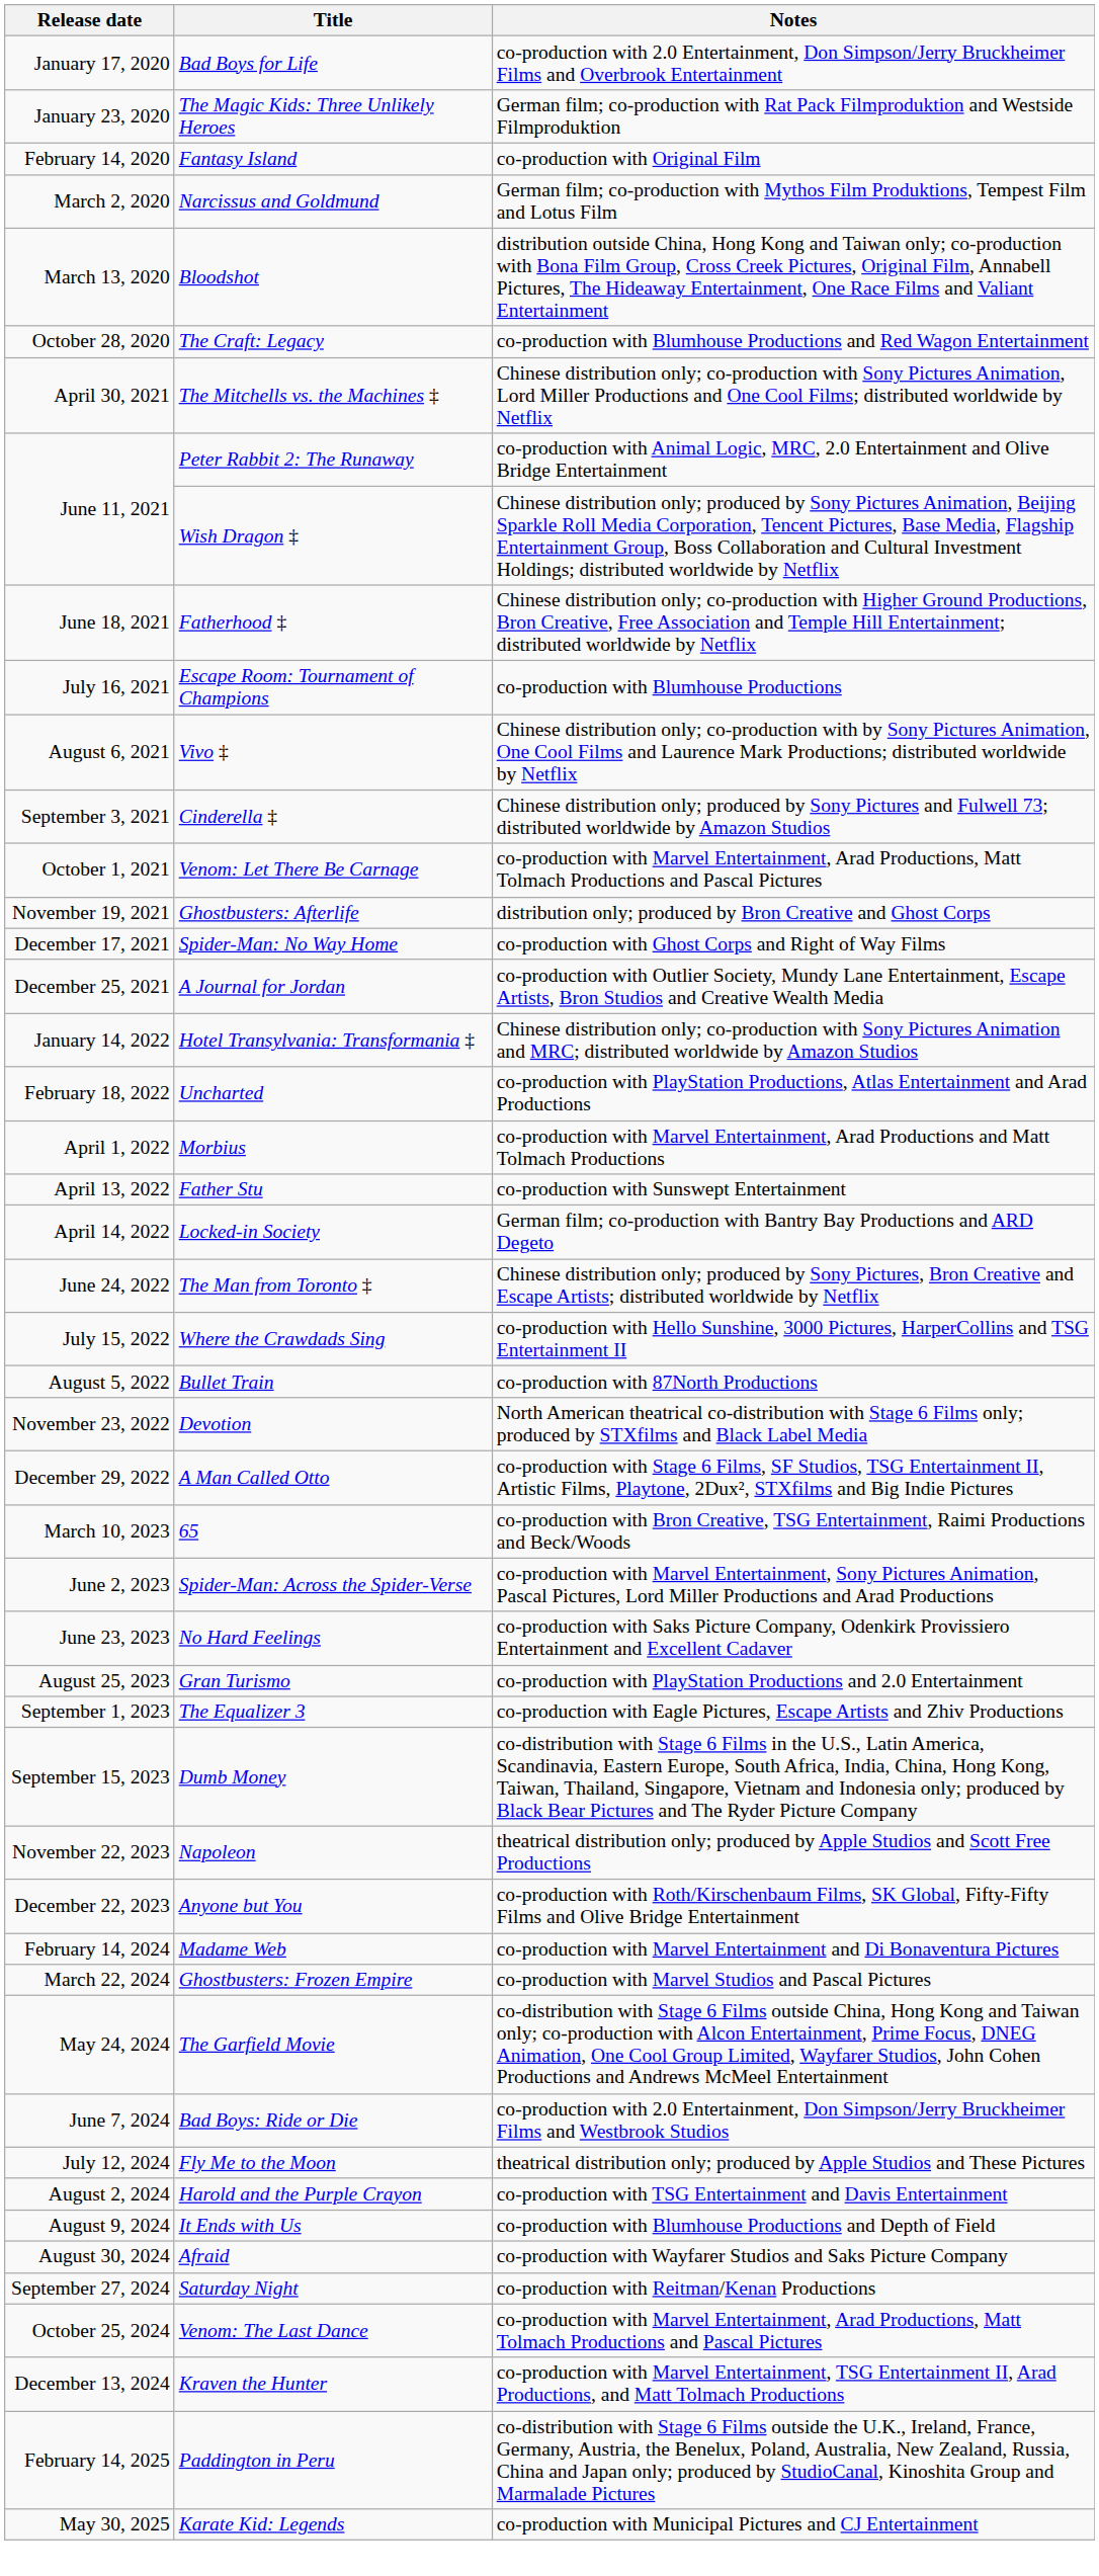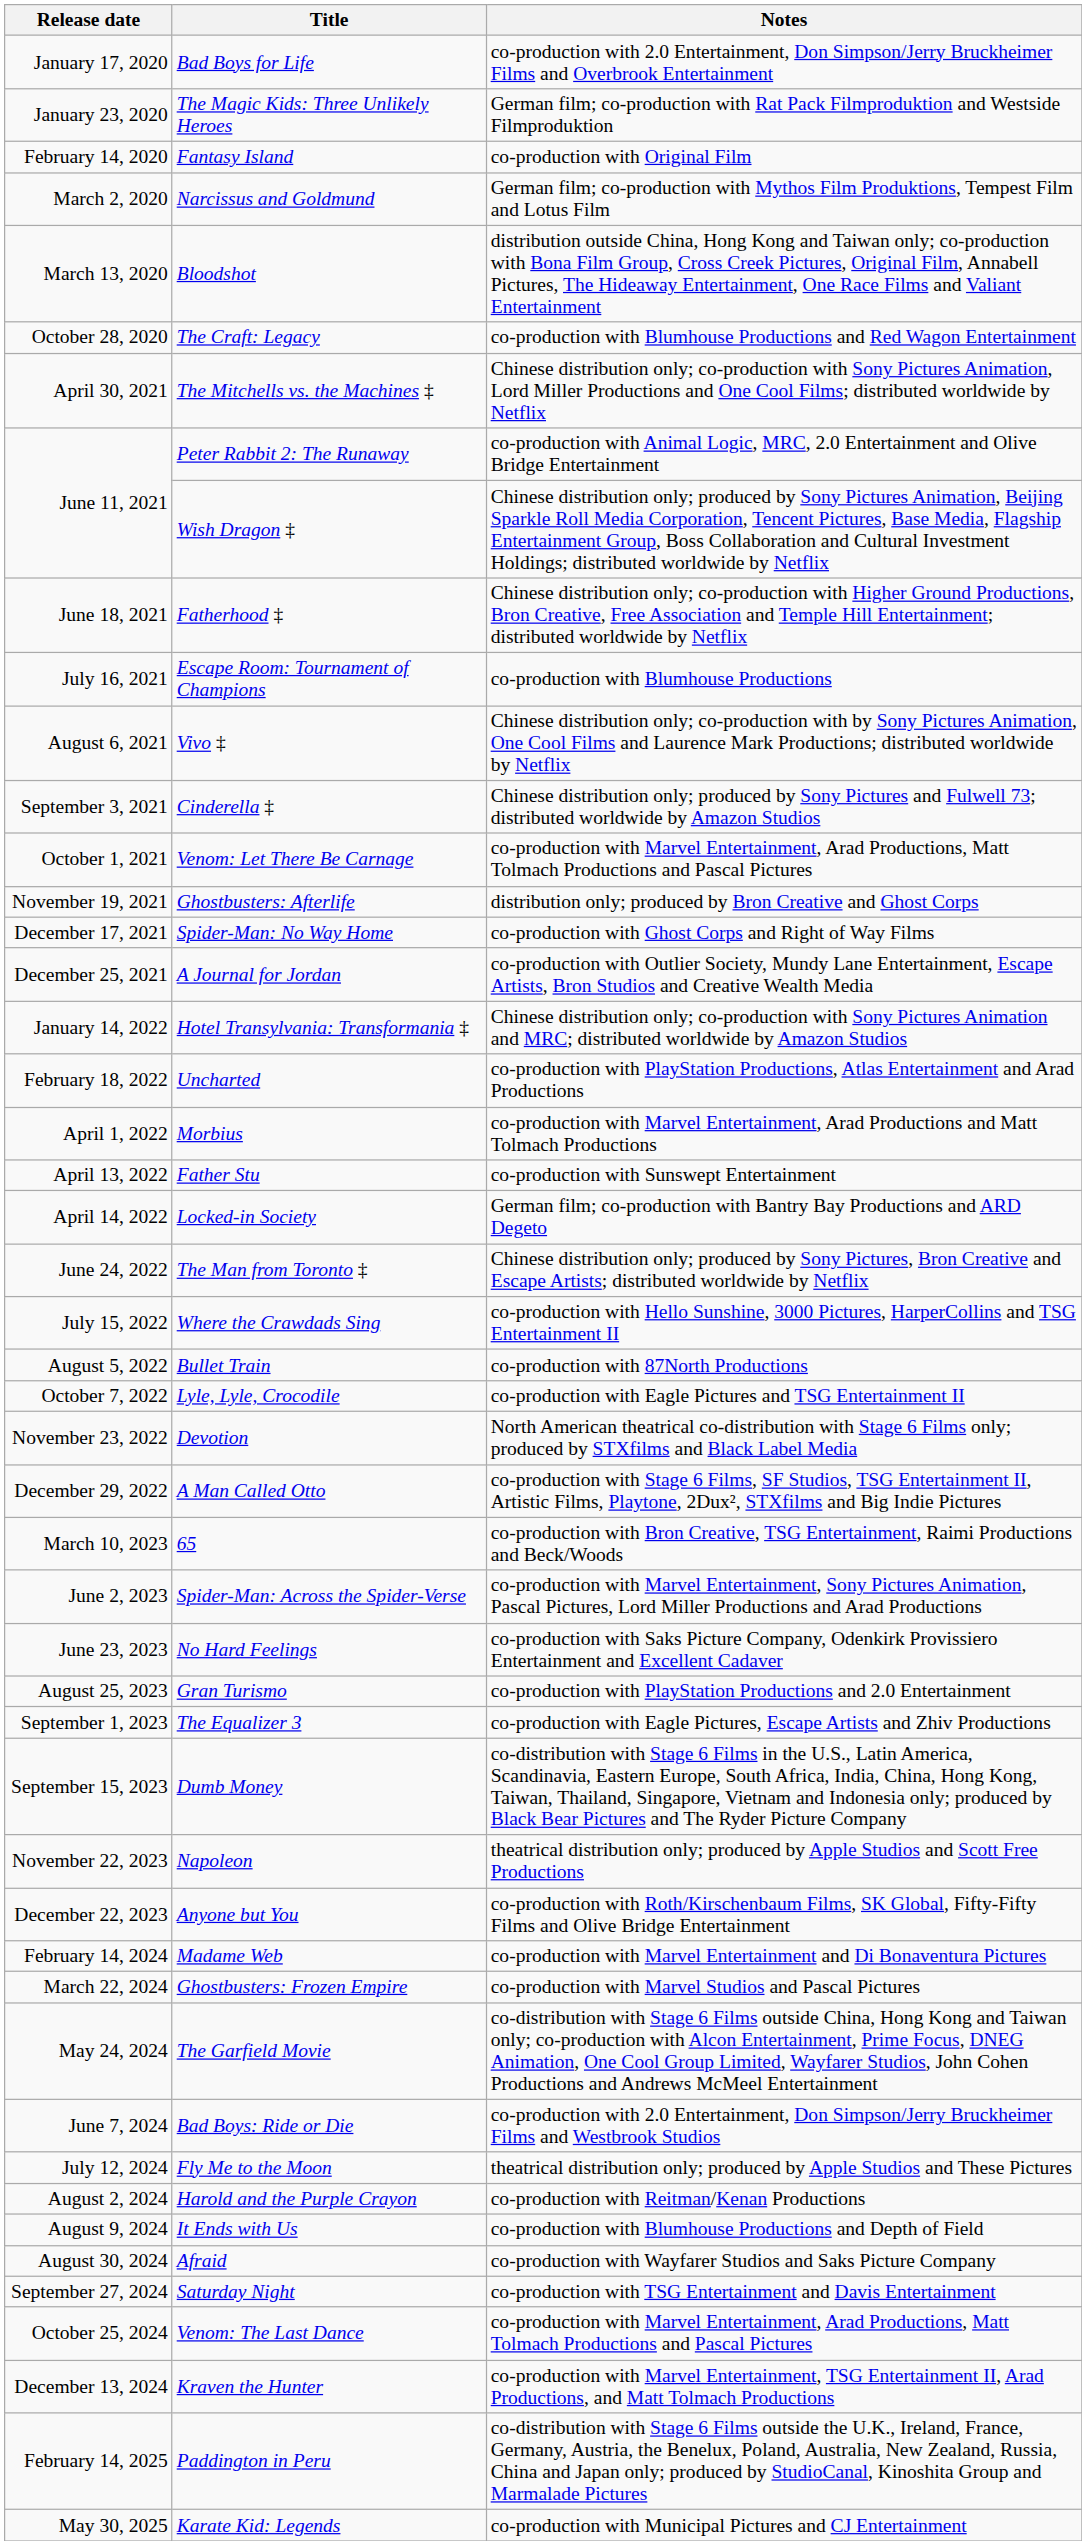 <table class="wikitable sortable" style="width:100%;">
 <tr>
 <th scope="col" style="width:130px;">Release date</th>
 <th scope="col" style="width:250px;">Title</th>
 <th>Notes</th>
 </tr>
 <tr>
 <td style="text-align:right">January 17, 2020</td>
 <td><em><a href='#'>Bad Boys for Life</a></em></td>
 <td>co-production with 2.0 Entertainment, <a href='#'>Don Simpson/Jerry Bruckheimer Films</a> and <a href='#'>Overbrook Entertainment</a></td>
 </tr>
 <tr>
 <td style="text-align:right">January 23, 2020</td>
 <td><em><a href='#'>The Magic Kids: Three Unlikely Heroes</a></em></td>
 <td>German film; co-production with <a href='#'>Rat Pack Filmproduktion</a> and Westside Filmproduktion</td>
 </tr>
 <tr>
 <td style="text-align:right">February 14, 2020</td>
 <td><em><a href='#'>Fantasy Island</a></em></td>
 <td>co-production with <a href='#'>Original Film</a></td>
 </tr>
 <tr>
 <td style="text-align:right;">March 2, 2020</td>
 <td><em><a href='#'>Narcissus and Goldmund</a></em></td>
 <td>German film; co-production with <a href='#'>Mythos Film Produktions</a>, Tempest Film and Lotus Film</td>
 </tr>
 <tr>
 <td style="text-align:right;">March 13, 2020</td>
 <td><em><a href='#'>Bloodshot</a></em></td>
 <td>distribution outside China, Hong Kong and Taiwan only; co-production with <a href='#'>Bona Film Group</a>, <a href='#'>Cross Creek Pictures</a>, <a href='#'>Original Film</a>, Annabell Pictures, <a href='#'>The Hideaway Entertainment</a>, <a href='#'>One Race Films</a> and <a href='#'>Valiant Entertainment</a></td>
 </tr>
 <tr>
 <td style="text-align:right;">October 28, 2020</td>
 <td><em><a href='#'>The Craft: Legacy</a></em></td>
 <td>co-production with <a href='#'>Blumhouse Productions</a> and <a href='#'>Red Wagon Entertainment</a></td>
 </tr>
 <tr>
 <td style="text-align:right;">April 30, 2021</td>
 <td><em><a href='#'>The Mitchells vs. the Machines</a></em> ‡</td>
 <td>Chinese distribution only; co-production with <a href='#'>Sony Pictures Animation</a>, Lord Miller Productions and <a href='#'>One Cool Films</a>; distributed worldwide by <a href='#'>Netflix</a></td>
 </tr>
 <tr>
 <td style="text-align:right;" rowspan="2">June 11, 2021</td>
 <td><em><a href='#'>Peter Rabbit 2: The Runaway</a></em></td>
 <td>co-production with <a href='#'>Animal Logic</a>, <a href='#'>MRC</a>, 2.0 Entertainment and Olive Bridge Entertainment</td>
 </tr>
 <tr>
 <td><em><a href='#'>Wish Dragon</a></em> ‡</td>
 <td>Chinese distribution only; produced by <a href='#'>Sony Pictures Animation</a>, <a href='#'>Beijing Sparkle Roll Media Corporation</a>, <a href='#'>Tencent Pictures</a>, <a href='#'>Base Media</a>, <a href='#'>Flagship Entertainment Group</a>, Boss Collaboration and Cultural Investment Holdings; distributed worldwide by <a href='#'>Netflix</a></td>
 </tr>
 <tr>
 <td style="text-align:right">June 18, 2021</td>
 <td><em><a href='#'>Fatherhood</a></em> ‡</td>
 <td>Chinese distribution only; co-production with <a href='#'>Higher Ground Productions</a>, <a href='#'>Bron Creative</a>, <a href='#'>Free Association</a> and <a href='#'>Temple Hill Entertainment</a>; distributed worldwide by <a href='#'>Netflix</a></td>
 </tr>
 <tr>
 <td style="text-align:right;">July 16, 2021</td>
 <td><em><a href='#'>Escape Room: Tournament of Champions</a></em></td>
 <td>co-production with <a href='#'>Blumhouse Productions</a></td>
 </tr>
 <tr>
 <td style="text-align:right">August 6, 2021</td>
 <td><em><a href='#'>Vivo</a></em> ‡</td>
 <td>Chinese distribution only; co-production with by <a href='#'>Sony Pictures Animation</a>, <a href='#'>One Cool Films</a> and Laurence Mark Productions; distributed worldwide by <a href='#'>Netflix</a></td>
 </tr>
 <tr>
 <td style="text-align:right">September 3, 2021</td>
 <td><em><a href='#'>Cinderella</a></em> ‡</td>
 <td>Chinese distribution only; produced by <a href='#'>Sony Pictures</a> and <a href='#'>Fulwell 73</a>; distributed worldwide by <a href='#'>Amazon Studios</a></td>
 </tr>
 <tr>
 <td style="text-align:right;">October 1, 2021</td>
 <td><em><a href='#'>Venom: Let There Be Carnage</a></em></td>
 <td>co-production with <a href='#'>Marvel Entertainment</a>, Arad Productions, Matt Tolmach Productions and Pascal Pictures</td>
 </tr>
 <tr>
 <td style="text-align:right;">November 19, 2021</td>
 <td><em><a href='#'>Ghostbusters: Afterlife</a></em></td>
 <td>distribution only; produced by <a href='#'>Bron Creative</a> and <a href='#'>Ghost Corps</a></td>
 </tr>
 <tr>
 <td style="text-align:right;">December 17, 2021</td>
 <td><em><a href='#'>Spider-Man: No Way Home</a></em></td>
 <td>co-production with <a href='#'>Ghost Corps</a> and Right of Way Films</td>
 </tr>
 <tr>
 <td style="text-align:right;">December 25, 2021</td>
 <td><em><a href='#'>A Journal for Jordan</a></em></td>
 <td>co-production with Outlier Society, Mundy Lane Entertainment, <a href='#'>Escape Artists</a>, <a href='#'>Bron Studios</a> and Creative Wealth Media</td>
 </tr>
 <tr>
 <td style="text-align:right;">January 14, 2022</td>
 <td><em><a href='#'>Hotel Transylvania: Transformania</a></em> ‡</td>
 <td>Chinese distribution only; co-production with <a href='#'>Sony Pictures Animation</a> and <a href='#'>MRC</a>; distributed worldwide by <a href='#'>Amazon Studios</a></td>
 </tr>
 <tr>
 <td style="text-align:right;">February 18, 2022</td>
 <td><em><a href='#'>Uncharted</a></em></td>
 <td>co-production with <a href='#'>PlayStation Productions</a>, <a href='#'>Atlas Entertainment</a> and Arad Productions</td>
 </tr>
 <tr>
 <td style="text-align:right;">April 1, 2022</td>
 <td><em><a href='#'>Morbius</a></em></td>
 <td>co-production with <a href='#'>Marvel Entertainment</a>, Arad Productions and Matt Tolmach Productions</td>
 </tr>
 <tr>
 <td style="text-align:right;">April 13, 2022</td>
 <td><em><a href='#'>Father Stu</a></em></td>
 <td>co-production with Sunswept Entertainment</td>
 </tr>
 <tr>
 <td style="text-align:right">April 14, 2022</td>
 <td><em><a href='#'>Locked-in Society</a></em></td>
 <td>German film; co-production with Bantry Bay Productions and <a href='#'>ARD Degeto</a></td>
 </tr>
 <tr>
 <td style="text-align:right;">June 24, 2022</td>
 <td><em><a href='#'>The Man from Toronto</a></em> ‡</td>
 <td>Chinese distribution only; produced by <a href='#'>Sony Pictures</a>, <a href='#'>Bron Creative</a> and <a href='#'>Escape Artists</a>; distributed worldwide by <a href='#'>Netflix</a></td>
 </tr>
 <tr>
 <td style="text-align:right;">July 15, 2022</td>
 <td><em><a href='#'>Where the Crawdads Sing</a></em></td>
 <td>co-production with <a href='#'>Hello Sunshine</a>, <a href='#'>3000 Pictures</a>, <a href='#'>HarperCollins</a> and <a href='#'>TSG Entertainment II</a></td>
 </tr>
 <tr>
 <td style="text-align:right;">August 5, 2022</td>
 <td><em><a href='#'>Bullet Train</a></em></td>
 <td>co-production with <a href='#'>87North Productions</a></td>
 </tr>
 <tr>
+<td style="text-align:right;">October 7, 2022</td>
+<td><em><a href='#'>Lyle, Lyle, Crocodile</a></em></td>
+<td>co-production with Eagle Pictures and <a href='#'>TSG Entertainment II</a></td>
+</tr>
+<tr>
 <td style="text-align:right;">November 23, 2022</td>
 <td><em><a href='#'>Devotion</a></em></td>
 <td>North American theatrical co-distribution with <a href='#'>Stage 6 Films</a> only; produced by <a href='#'>STXfilms</a> and <a href='#'>Black Label Media</a></td>
 </tr>
 <tr>
 <td style="text-align:right;">December 29, 2022</td>
 <td><em><a href='#'>A Man Called Otto</a></em></td>
 <td>co-production with <a href='#'>Stage 6 Films</a>, <a href='#'>SF Studios</a>, <a href='#'>TSG Entertainment II</a>, Artistic Films, <a href='#'>Playtone</a>, 2Dux², <a href='#'>STXfilms</a> and Big Indie Pictures</td>
 </tr>
 <tr>
 <td style="text-align:right;">March 10, 2023</td>
 <td><em><a href='#'>65</a></em></td>
 <td>co-production with <a href='#'>Bron Creative</a>, <a href='#'>TSG Entertainment</a>, Raimi Productions and Beck/Woods</td>
 </tr>
 <tr>
 <td style="text-align:right;">June 2, 2023</td>
 <td><em><a href='#'>Spider-Man: Across the Spider-Verse</a></em></td>
 <td>co-production with <a href='#'>Marvel Entertainment</a>, <a href='#'>Sony Pictures Animation</a>, Pascal Pictures, Lord Miller Productions and Arad Productions</td>
 </tr>
 <tr>
 <td style="text-align:right;">June 23, 2023</td>
 <td><em><a href='#'>No Hard Feelings</a></em></td>
 <td>co-production with Saks Picture Company, Odenkirk Provissiero Entertainment and <a href='#'>Excellent Cadaver</a></td>
 </tr>
 <tr>
 <td style="text-align:right;">August 25, 2023</td>
 <td><em><a href='#'>Gran Turismo</a></em></td>
 <td>co-production with <a href='#'>PlayStation Productions</a> and 2.0 Entertainment</td>
 </tr>
 <tr>
 <td style="text-align:right;">September 1, 2023</td>
 <td><em><a href='#'>The Equalizer 3</a></em></td>
 <td>co-production with Eagle Pictures, <a href='#'>Escape Artists</a> and Zhiv Productions</td>
 </tr>
 <tr>
 <td style="text-align:right;">September 15, 2023</td>
 <td><em><a href='#'>Dumb Money</a></em></td>
 <td>co-distribution with <a href='#'>Stage 6 Films</a> in the U.S., Latin America, Scandinavia, Eastern Europe, South Africa, India, China, Hong Kong, Taiwan, Thailand, Singapore, Vietnam and Indonesia only; produced by <a href='#'>Black Bear Pictures</a> and The Ryder Picture Company</td>
 </tr>
 <tr>
 <td style="text-align:right;">November 22, 2023</td>
 <td><em><a href='#'>Napoleon</a></em></td>
 <td>theatrical distribution only; produced by <a href='#'>Apple Studios</a> and <a href='#'>Scott Free Productions</a></td>
 </tr>
 <tr>
 <td style="text-align:right;">December 22, 2023</td>
 <td><em><a href='#'>Anyone but You</a></em></td>
 <td>co-production with <a href='#'>Roth/Kirschenbaum Films</a>, <a href='#'>SK Global</a>, Fifty-Fifty Films and Olive Bridge Entertainment</td>
 </tr>
 <tr>
 <td style="text-align:right;">February 14, 2024</td>
 <td><em><a href='#'>Madame Web</a></em></td>
 <td>co-production with <a href='#'>Marvel Entertainment</a> and <a href='#'>Di Bonaventura Pictures</a></td>
 </tr>
 <tr>
 <td style="text-align:right;">March 22, 2024</td>
 <td><em><a href='#'>Ghostbusters: Frozen Empire</a></em></td>
 <td>co-production with <a href='#'>Marvel Studios</a> and Pascal Pictures</td>
 </tr>
 <tr>
 <td style="text-align:right;">May 24, 2024</td>
 <td><em><a href='#'>The Garfield Movie</a></em></td>
 <td>co-distribution with <a href='#'>Stage 6 Films</a> outside China, Hong Kong and Taiwan only; co-production with <a href='#'>Alcon Entertainment</a>, <a href='#'>Prime Focus</a>, <a href='#'>DNEG Animation</a>, <a href='#'>One Cool Group Limited</a>, <a href='#'>Wayfarer Studios</a>, John Cohen Productions and Andrews McMeel Entertainment</td>
 </tr>
 <tr>
 <td style="text-align:right;">June 7, 2024</td>
 <td><em><a href='#'>Bad Boys: Ride or Die</a></em></td>
 <td>co-production with 2.0 Entertainment, <a href='#'>Don Simpson/Jerry Bruckheimer Films</a> and <a href='#'>Westbrook Studios</a></td>
 </tr>
 <tr>
 <td style="text-align:right;">July 12, 2024</td>
 <td><em><a href='#'>Fly Me to the Moon</a></em></td>
 <td>theatrical distribution only; produced by <a href='#'>Apple Studios</a> and These Pictures</td>
 </tr>
 <tr>
 <td style="text-align:right;">August 2, 2024</td>
 <td><em><a href='#'>Harold and the Purple Crayon</a></em></td>
-<td>co-production with <a href='#'>TSG Entertainment</a> and <a href='#'>Davis Entertainment</a></td>
+<td>co-production with <a href='#'>Reitman</a>/<a href='#'>Kenan</a> Productions</td>
 </tr>
 <tr>
 <td style="text-align:right;">August 9, 2024</td>
 <td><em><a href='#'>It Ends with Us</a></em></td>
 <td>co-production with <a href='#'>Blumhouse Productions</a> and Depth of Field</td>
 </tr>
 <tr>
 <td style="text-align:right;">August 30, 2024</td>
 <td><em><a href='#'>Afraid</a></em></td>
 <td>co-production with Wayfarer Studios and Saks Picture Company</td>
 </tr>
 <tr>
 <td style="text-align:right;">September 27, 2024</td>
 <td><em><a href='#'>Saturday Night</a></em></td>
-<td>co-production with <a href='#'>Reitman</a>/<a href='#'>Kenan</a> Productions</td>
+<td>co-production with <a href='#'>TSG Entertainment</a> and <a href='#'>Davis Entertainment</a></td>
 </tr>
 <tr>
 <td style="text-align:right;">October 25, 2024</td>
 <td><em><a href='#'>Venom: The Last Dance</a></em></td>
 <td>co-production with <a href='#'>Marvel Entertainment</a>, <a href='#'>Arad Productions</a>, <a href='#'>Matt Tolmach Productions</a> and <a href='#'>Pascal Pictures</a></td>
 </tr>
 <tr>
 <td style="text-align:right;">December 13, 2024</td>
 <td><em><a href='#'>Kraven the Hunter</a></em></td>
 <td>co-production with <a href='#'>Marvel Entertainment</a>, <a href='#'>TSG Entertainment II</a>, <a href='#'>Arad Productions</a>, and <a href='#'>Matt Tolmach Productions</a></td>
 </tr>
 <tr>
 <td style="text-align:right;">February 14, 2025</td>
 <td><em><a href='#'>Paddington in Peru</a></em></td>
 <td>co-distribution with <a href='#'>Stage 6 Films</a> outside the U.K., Ireland, France, Germany, Austria, the Benelux, Poland, Australia, New Zealand, Russia, China and Japan only; produced by <a href='#'>StudioCanal</a>, Kinoshita Group and <a href='#'>Marmalade Pictures</a></td>
 </tr>
 <tr>
 <td style="text-align:right;">May 30, 2025</td>
 <td><em><a href='#'>Karate Kid: Legends</a></em></td>
 <td>co-production with Municipal Pictures and <a href='#'>CJ Entertainment</a></td>
 </tr>
 </table>
